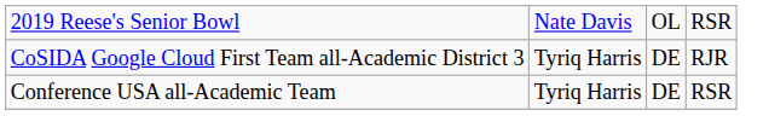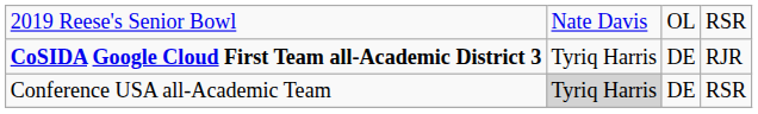 <table class="wikitable">
 <tr>
 <td><a href='#'>2019 Reese's Senior Bowl</a></td>
 <td><a href='#'>Nate Davis</a></td>
 <td>OL</td>
 <td>RSR</td>
 </tr>
 <tr>
-<td><a href='#'>CoSIDA</a> <a href='#'>Google Cloud</a> First Team all-Academic District 3</td>
+<td><strong><a href='#'>CoSIDA</a> <a href='#'>Google Cloud</a> First Team all-Academic District 3</strong></td>
 <td>Tyriq Harris</td>
 <td>DE</td>
 <td>RJR</td>
 </tr>
 <tr>
 <td>Conference USA all-Academic Team</td>
-<td>Tyriq Harris</td>
+<td style="background: lightgrey;">Tyriq Harris</td>
 <td>DE</td>
 <td>RSR</td>
 </tr>
 <tr>
 </tr>
 </table>
